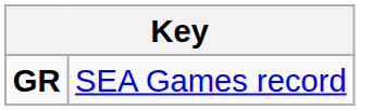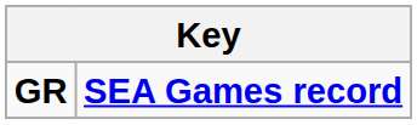 <table class="wikitable" style="font-size:95%; position:relative;">
 <tr>
 <th colspan=2>Key</th>
 </tr>
 <tr>
 <td align=center><strong>GR</strong></td>
-<td><a href='#'>SEA Games record</a></td>
+<td><strong><a href='#'>SEA Games record</a></strong></td>
 </tr>
 </table>
